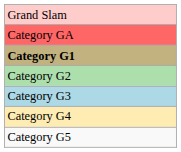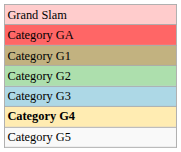 <table class="wikitable" style="font-size:85%;" width=15%>
 <tr bgcolor=#ffcccc>
 <td>Grand Slam</td>
 </tr>
 <tr bgcolor=#FF6666>
 <td>Category GA</td>
 </tr>
 <tr bgcolor=#C2B280>
-<td><strong>Category G1</strong></td>
+<td>Category G1</td>
 </tr>
 <tr bgcolor="#ADDFAD">
 <td>Category G2</td>
 </tr>
 <tr bgcolor="lightblue">
 <td>Category G3</td>
 </tr>
 <tr bgcolor=#ffecb2>
-<td>Category G4</td>
+<td><strong>Category G4</strong></td>
 </tr>
 <tr>
 <td>Category G5</td>
 </tr>
 </table>
